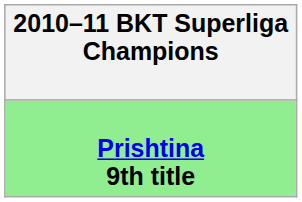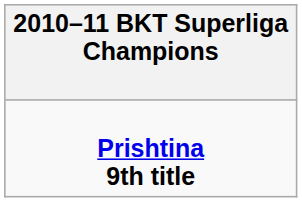 <table class="wikitable" style="margin: 0 auto; width: 30%;">
 <tr>
 <th>2010–11 BKT Superliga Champions<br><br></th>
 </tr>
 <tr>
-<td align=center style="background: lightgreen;"><br><strong><a href='#'>Prishtina</a></strong><br><strong>9th title</strong></td>
+<td align=center><br><strong><a href='#'>Prishtina</a></strong><br><strong>9th title</strong></td>
 </tr>
 </table>
